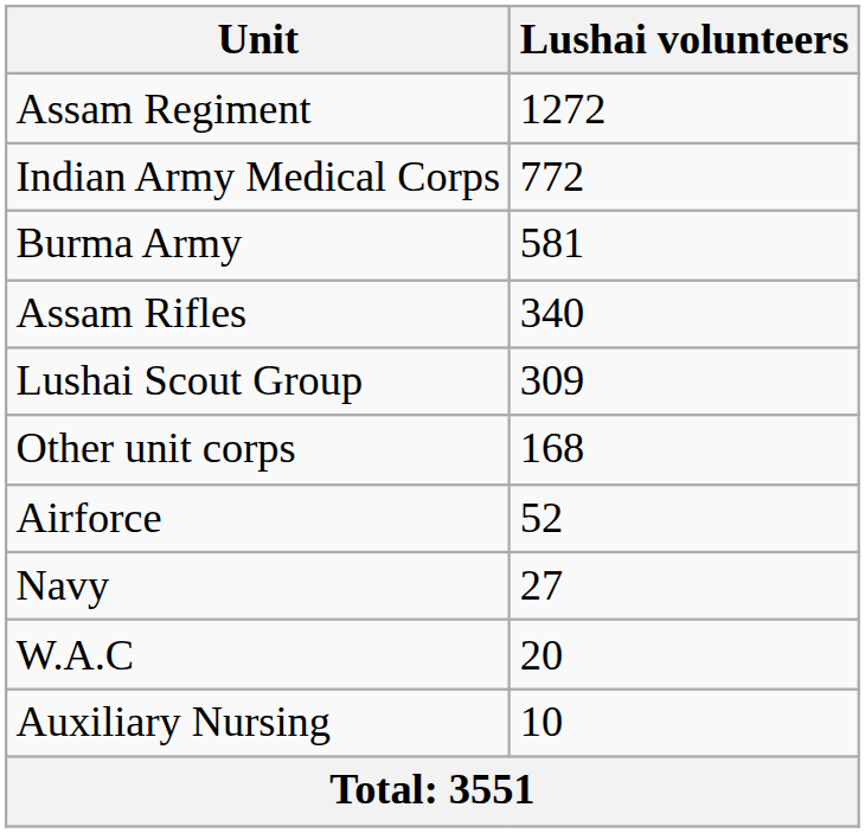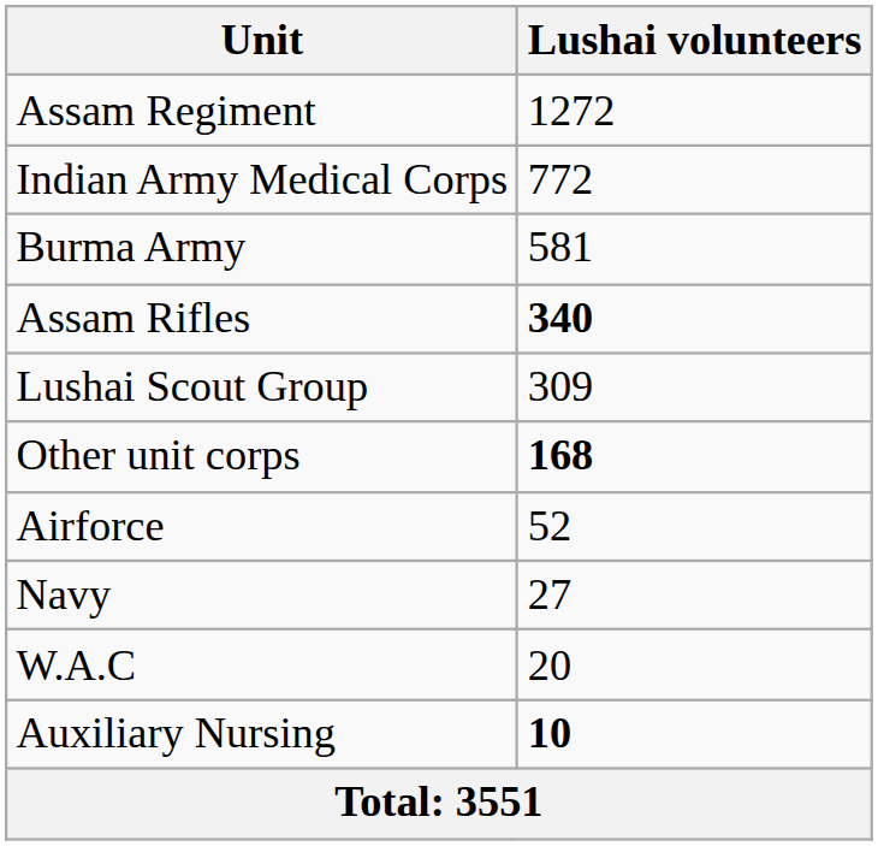 <table class="wikitable sortable">
 <tr>
 <th>Unit</th>
 <th>Lushai volunteers</th>
 </tr>
 <tr>
 <td>Assam Regiment</td>
 <td>1272</td>
 </tr>
 <tr>
 <td>Indian Army Medical Corps</td>
 <td>772</td>
 </tr>
 <tr>
 <td>Burma Army</td>
 <td>581</td>
 </tr>
 <tr>
 <td>Assam Rifles</td>
-<td>340</td>
+<td><strong>340</strong></td>
 </tr>
 <tr>
 <td>Lushai Scout Group</td>
 <td>309</td>
 </tr>
 <tr>
 <td>Other unit corps</td>
-<td>168</td>
+<td><strong>168</strong></td>
 </tr>
 <tr>
 <td>Airforce</td>
 <td>52</td>
 </tr>
 <tr>
 <td>Navy</td>
 <td>27</td>
 </tr>
 <tr>
 <td>W.A.C</td>
 <td>20</td>
 </tr>
 <tr>
 <td>Auxiliary Nursing</td>
-<td>10</td>
+<td><strong>10</strong></td>
 </tr>
 <tr>
 <th colspan=2>Total: 3551</th>
 </tr>
 </table>
